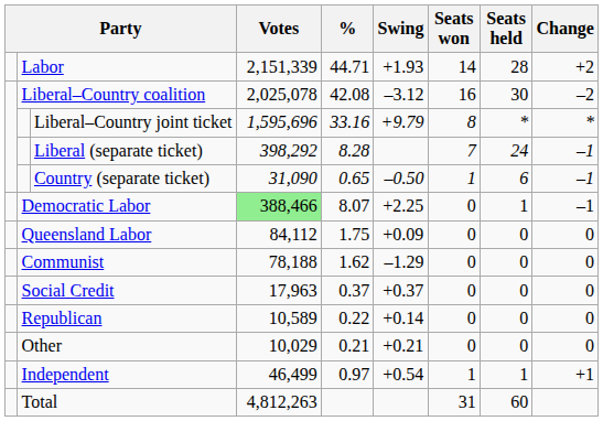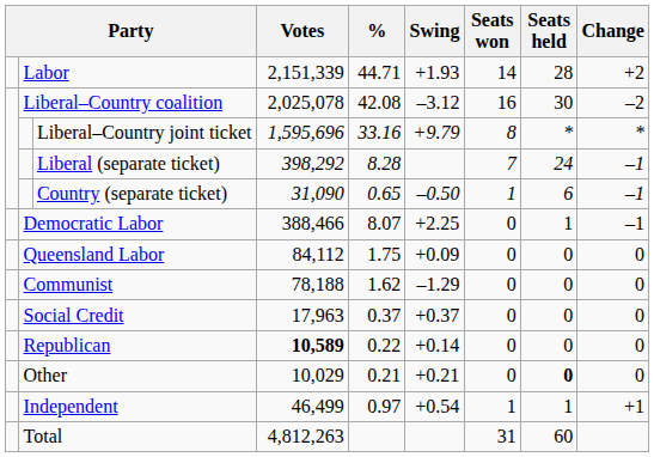 <table class="wikitable">
 <tr>
 <th colspan=3 style="width:180px">Party</th>
 <th style="width:70px">Votes</th>
 <th style="width:40px">%</th>
 <th style="width:40px">Swing</th>
 <th style="width:40px">Seats won</th>
 <th style="width:40px">Seats held</th>
 <th style="width:40px">Change</th>
 </tr>
 <tr>
 <td> </td>
 <td colspan=2><a href='#'>Labor</a></td>
 <td align=right>2,151,339</td>
 <td align=right>44.71</td>
 <td align=right>+1.93</td>
 <td align=right>14</td>
 <td align=right>28</td>
 <td align=right>+2</td>
 </tr>
 <tr>
 <td rowspan=4> </td>
 <td colspan=2><a href='#'>Liberal–Country coalition</a></td>
 <td align=right>2,025,078</td>
 <td align=right>42.08</td>
 <td align=right>–3.12</td>
 <td align=right>16</td>
 <td align=right>30</td>
 <td align=right>–2</td>
 </tr>
 <tr>
 <td> </td>
 <td>Liberal–Country joint ticket</td>
 <td align=right><em>1,595,696</em></td>
 <td align=right><em>33.16</em></td>
 <td align=right><em>+9.79</em></td>
 <td align=right><em>8</em></td>
 <td align=right><em>*</em></td>
 <td align=right><em>*</em></td>
 </tr>
 <tr>
 <td> </td>
 <td><a href='#'>Liberal</a> (separate ticket)</td>
 <td align=right><em>398,292</em></td>
 <td align=right><em>8.28</em></td>
 <td align=right></td>
 <td align=right><em>7</em></td>
 <td align=right><em>24</em></td>
 <td align=right><em>–1</em></td>
 </tr>
 <tr>
 <td> </td>
 <td><a href='#'>Country</a> (separate ticket)</td>
 <td align=right><em>31,090</em></td>
 <td align=right><em>0.65</em></td>
 <td align=right><em>–0.50</em></td>
 <td align=right><em>1</em></td>
 <td align=right><em>6</em></td>
 <td align=right><em>–1</em></td>
 </tr>
 <tr>
 <td> </td>
 <td colspan=2><a href='#'>Democratic Labor</a></td>
-<td align=right style="background: lightgreen;">388,466</td>
+<td align=right>388,466</td>
 <td align=right>8.07</td>
 <td align=right>+2.25</td>
 <td align=right>0</td>
 <td align=right>1</td>
 <td align=right>–1</td>
 </tr>
 <tr>
 <td> </td>
 <td colspan=2><a href='#'>Queensland Labor</a></td>
 <td align=right>84,112</td>
 <td align=right>1.75</td>
 <td align=right>+0.09</td>
 <td align=right>0</td>
 <td align=right>0</td>
 <td align=right>0</td>
 </tr>
 <tr>
 <td> </td>
 <td colspan=2><a href='#'>Communist</a></td>
 <td align=right>78,188</td>
 <td align=right>1.62</td>
 <td align=right>–1.29</td>
 <td align=right>0</td>
 <td align=right>0</td>
 <td align=right>0</td>
 </tr>
 <tr>
 <td> </td>
 <td colspan=2><a href='#'>Social Credit</a></td>
 <td align=right>17,963</td>
 <td align=right>0.37</td>
 <td align=right>+0.37</td>
 <td align=right>0</td>
 <td align=right>0</td>
 <td align=right>0</td>
 </tr>
 <tr>
 <td> </td>
 <td colspan=2><a href='#'>Republican</a></td>
-<td align=right>10,589</td>
+<td align=right><strong>10,589</strong></td>
 <td align=right>0.22</td>
 <td align=right>+0.14</td>
 <td align=right>0</td>
 <td align=right>0</td>
 <td align=right>0</td>
 </tr>
 <tr>
 <td> </td>
 <td colspan=2>Other</td>
 <td align=right>10,029</td>
 <td align=right>0.21</td>
 <td align=right>+0.21</td>
 <td align=right>0</td>
-<td align=right>0</td>
+<td align=right><strong>0</strong></td>
 <td align=right>0</td>
 </tr>
 <tr>
 <td> </td>
 <td colspan=2><a href='#'>Independent</a></td>
 <td align=right>46,499</td>
 <td align=right>0.97</td>
 <td align=right>+0.54</td>
 <td align=right>1</td>
 <td align=right>1</td>
 <td align=right>+1</td>
 </tr>
 <tr>
 <td> </td>
 <td colspan=2>Total</td>
 <td align=right>4,812,263</td>
 <td align=right> </td>
 <td align=right> </td>
 <td align=right>31</td>
 <td align=right>60</td>
 <td align=right></td>
 </tr>
 </table>
